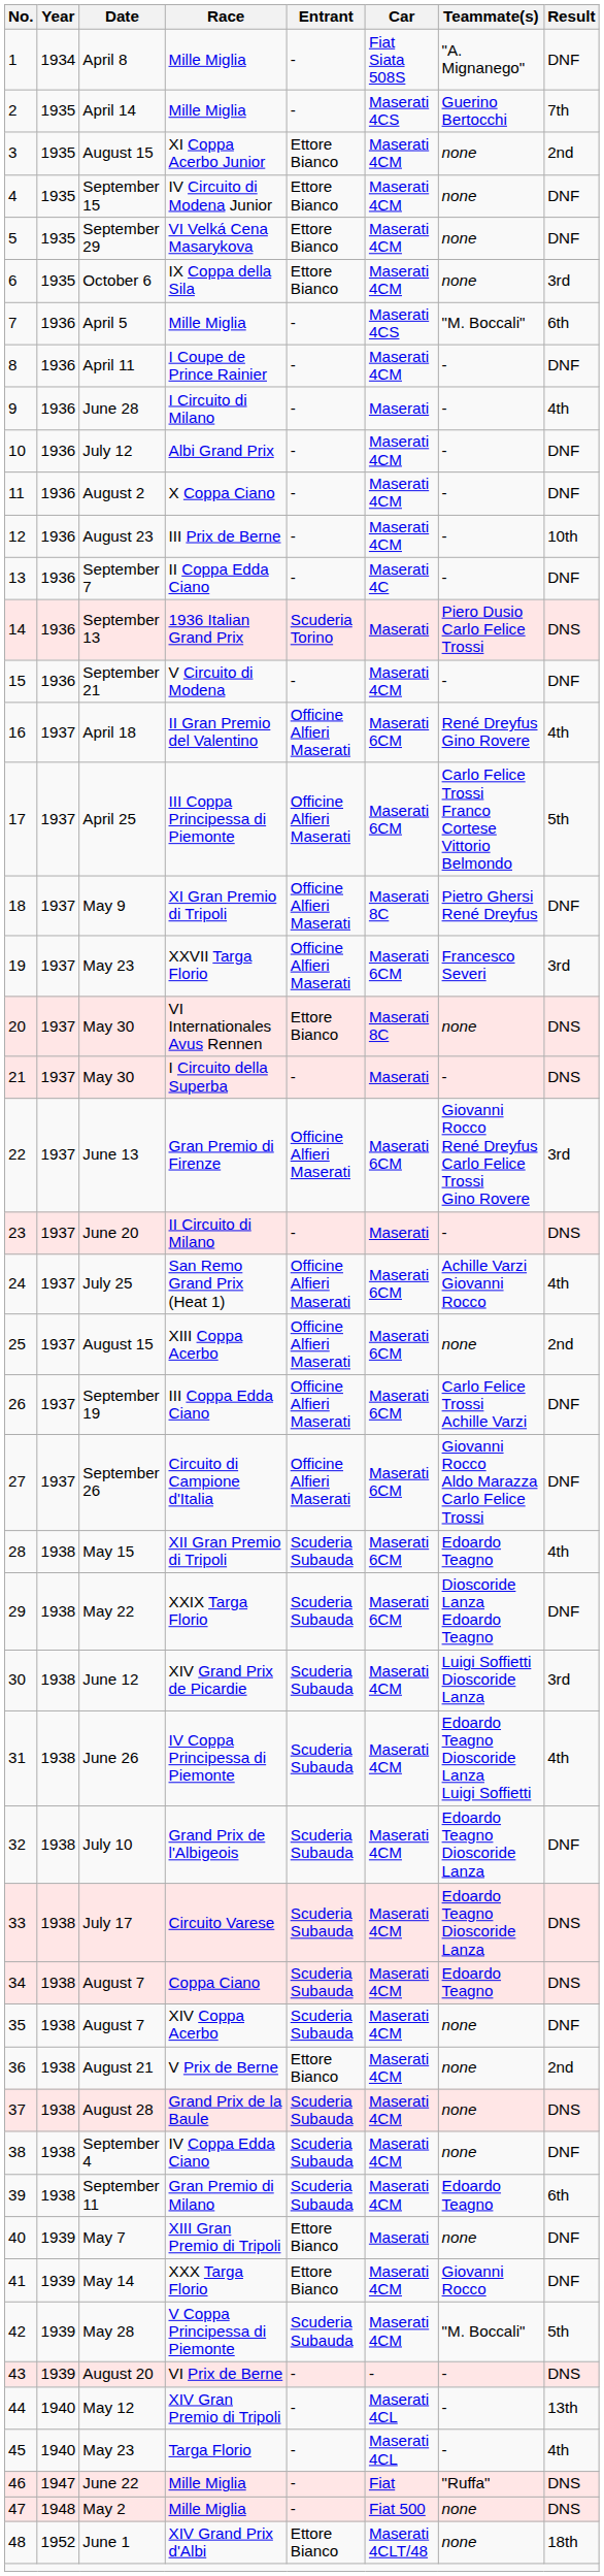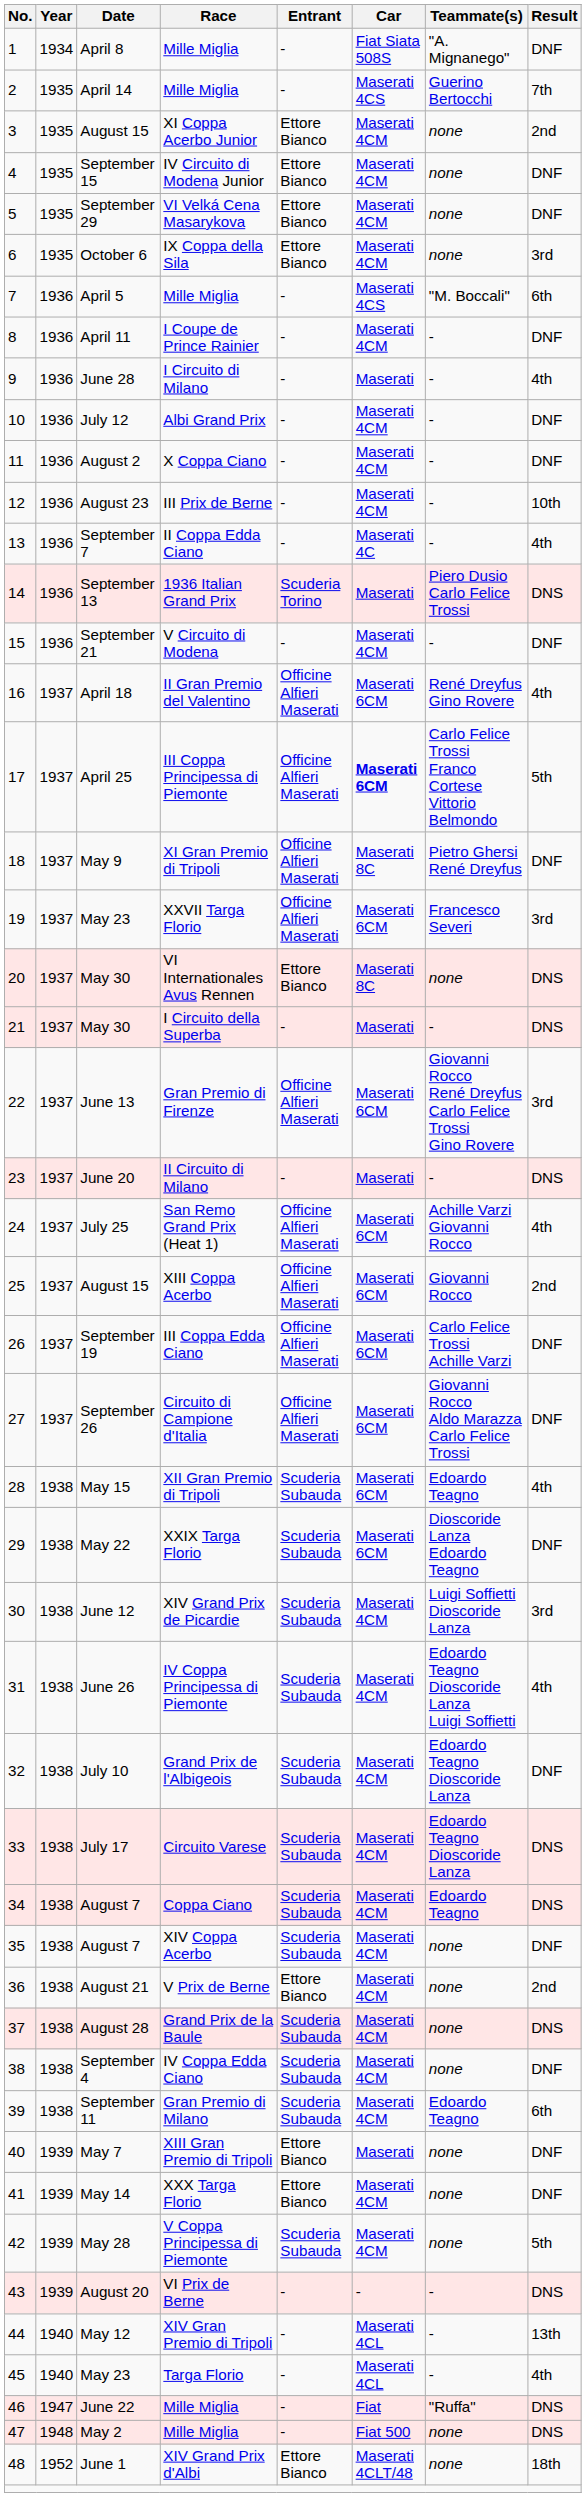 <table class="wikitable sortable">
 <tr>
 <th>No.</th>
 <th>Year</th>
 <th>Date</th>
 <th>Race</th>
 <th>Entrant</th>
 <th>Car</th>
 <th>Teammate(s)</th>
 <th>Result</th>
 </tr>
 <tr>
 <td>1</td>
 <td>1934</td>
 <td>April 8</td>
 <td><a href='#'>Mille Miglia</a></td>
 <td>-</td>
 <td><a href='#'>Fiat Siata 508S</a></td>
 <td>"A. Mignanego"</td>
 <td>DNF</td>
 </tr>
 <tr>
 <td>2</td>
 <td>1935</td>
 <td>April 14</td>
 <td><a href='#'>Mille Miglia</a></td>
 <td>-</td>
 <td><a href='#'>Maserati 4CS</a></td>
 <td><a href='#'>Guerino Bertocchi</a></td>
 <td>7th</td>
 </tr>
 <tr>
 <td>3</td>
 <td>1935</td>
 <td>August 15</td>
 <td>XI <a href='#'>Coppa Acerbo Junior</a></td>
 <td>Ettore Bianco</td>
 <td><a href='#'>Maserati 4CM</a></td>
 <td><em>none</em></td>
 <td>2nd</td>
 </tr>
 <tr>
 <td>4</td>
 <td>1935</td>
 <td>September 15</td>
 <td>IV <a href='#'>Circuito di Modena</a> Junior</td>
 <td>Ettore Bianco</td>
 <td><a href='#'>Maserati 4CM</a></td>
 <td><em>none</em></td>
 <td>DNF</td>
 </tr>
 <tr>
 <td>5</td>
 <td>1935</td>
 <td>September 29</td>
 <td><a href='#'>VI Velká Cena Masarykova</a></td>
 <td>Ettore Bianco</td>
 <td><a href='#'>Maserati 4CM</a></td>
 <td><em>none</em></td>
 <td>DNF</td>
 </tr>
 <tr>
 <td>6</td>
 <td>1935</td>
 <td>October 6</td>
 <td>IX <a href='#'>Coppa della Sila</a></td>
 <td>Ettore Bianco</td>
 <td><a href='#'>Maserati 4CM</a></td>
 <td><em>none</em></td>
 <td>3rd</td>
 </tr>
 <tr>
 <td>7</td>
 <td>1936</td>
 <td>April 5</td>
 <td><a href='#'>Mille Miglia</a></td>
 <td>-</td>
 <td><a href='#'>Maserati 4CS</a></td>
 <td>"M. Boccali"</td>
 <td>6th</td>
 </tr>
 <tr>
 <td>8</td>
 <td>1936</td>
 <td>April 11</td>
 <td><a href='#'>I Coupe de Prince Rainier</a></td>
 <td>-</td>
 <td><a href='#'>Maserati 4CM</a></td>
 <td>-</td>
 <td>DNF</td>
 </tr>
 <tr>
 <td>9</td>
 <td>1936</td>
 <td>June 28</td>
 <td><a href='#'>I Circuito di Milano</a></td>
 <td>-</td>
 <td><a href='#'>Maserati</a></td>
 <td>-</td>
 <td>4th</td>
 </tr>
 <tr>
 <td>10</td>
 <td>1936</td>
 <td>July 12</td>
 <td><a href='#'>Albi Grand Prix</a></td>
 <td>-</td>
 <td><a href='#'>Maserati 4CM</a></td>
 <td>-</td>
 <td>DNF</td>
 </tr>
 <tr>
 <td>11</td>
 <td>1936</td>
 <td>August 2</td>
 <td>X <a href='#'>Coppa Ciano</a></td>
 <td>-</td>
 <td><a href='#'>Maserati 4CM</a></td>
 <td>-</td>
 <td>DNF</td>
 </tr>
 <tr>
 <td>12</td>
 <td>1936</td>
 <td>August 23</td>
 <td>III <a href='#'>Prix de Berne</a></td>
 <td>-</td>
 <td><a href='#'>Maserati 4CM</a></td>
 <td>-</td>
 <td>10th</td>
 </tr>
 <tr>
 <td>13</td>
 <td>1936</td>
 <td>September 7</td>
 <td>II <a href='#'>Coppa Edda Ciano</a></td>
 <td>-</td>
 <td><a href='#'>Maserati 4C</a></td>
 <td>-</td>
-<td>DNF</td>
+<td>4th</td>
 </tr>
 <tr>
 <td style="background:#ffe6e6;">14</td>
 <td style="background:#ffe6e6;">1936</td>
 <td style="background:#ffe6e6;">September 13</td>
 <td style="background:#ffe6e6;"><a href='#'>1936 Italian Grand Prix</a></td>
 <td style="background:#ffe6e6;"><a href='#'>Scuderia Torino</a></td>
 <td style="background:#ffe6e6;"><a href='#'>Maserati</a></td>
 <td style="background:#ffe6e6;"><a href='#'>Piero Dusio</a><br><a href='#'>Carlo Felice Trossi</a></td>
 <td style="background:#ffe6e6;">DNS</td>
 </tr>
 <tr>
 <td>15</td>
 <td>1936</td>
 <td>September 21</td>
 <td>V <a href='#'>Circuito di Modena</a></td>
 <td>-</td>
 <td><a href='#'>Maserati 4CM</a></td>
 <td>-</td>
 <td>DNF</td>
 </tr>
 <tr>
 <td>16</td>
 <td>1937</td>
 <td>April 18</td>
 <td><a href='#'>II Gran Premio del Valentino</a></td>
 <td><a href='#'>Officine Alfieri Maserati</a></td>
 <td><a href='#'>Maserati 6CM</a></td>
 <td><a href='#'>René Dreyfus</a><br><a href='#'>Gino Rovere</a></td>
 <td>4th</td>
 </tr>
 <tr>
 <td>17</td>
 <td>1937</td>
 <td>April 25</td>
 <td><a href='#'>III Coppa Principessa di Piemonte</a></td>
 <td><a href='#'>Officine Alfieri Maserati</a></td>
-<td><a href='#'>Maserati 6CM</a></td>
+<td><strong><a href='#'>Maserati 6CM</a></strong></td>
 <td><a href='#'>Carlo Felice Trossi</a><br><a href='#'>Franco Cortese</a><br><a href='#'>Vittorio Belmondo</a></td>
 <td>5th</td>
 </tr>
 <tr>
 <td>18</td>
 <td>1937</td>
 <td>May 9</td>
 <td><a href='#'>XI Gran Premio di Tripoli</a></td>
 <td><a href='#'>Officine Alfieri Maserati</a></td>
 <td><a href='#'>Maserati 8C</a></td>
 <td><a href='#'>Pietro Ghersi</a><br><a href='#'>René Dreyfus</a></td>
 <td>DNF</td>
 </tr>
 <tr>
 <td>19</td>
 <td>1937</td>
 <td>May 23</td>
 <td>XXVII <a href='#'>Targa Florio</a></td>
 <td><a href='#'>Officine Alfieri Maserati</a></td>
 <td><a href='#'>Maserati 6CM</a></td>
 <td><a href='#'>Francesco Severi</a></td>
 <td>3rd</td>
 </tr>
 <tr>
 <td style="background:#ffe6e6;">20</td>
 <td style="background:#ffe6e6;">1937</td>
 <td style="background:#ffe6e6;">May 30</td>
 <td style="background:#ffe6e6;">VI Internationales <a href='#'>Avus</a> Rennen</td>
 <td style="background:#ffe6e6;">Ettore Bianco</td>
 <td style="background:#ffe6e6;"><a href='#'>Maserati 8C</a></td>
 <td style="background:#ffe6e6;"><em>none</em></td>
 <td style="background:#ffe6e6;">DNS</td>
 </tr>
 <tr>
 <td style="background:#ffe6e6;">21</td>
 <td style="background:#ffe6e6;">1937</td>
 <td style="background:#ffe6e6;">May 30</td>
 <td style="background:#ffe6e6;">I <a href='#'>Circuito della Superba</a></td>
 <td style="background:#ffe6e6;">-</td>
 <td style="background:#ffe6e6;"><a href='#'>Maserati</a></td>
 <td style="background:#ffe6e6;">-</td>
 <td style="background:#ffe6e6;">DNS</td>
 </tr>
 <tr>
 <td>22</td>
 <td>1937</td>
 <td>June 13</td>
 <td><a href='#'>Gran Premio di Firenze</a></td>
 <td><a href='#'>Officine Alfieri Maserati</a></td>
 <td><a href='#'>Maserati 6CM</a></td>
 <td><a href='#'>Giovanni Rocco</a><br><a href='#'>René Dreyfus</a><br><a href='#'>Carlo Felice Trossi</a><br><a href='#'>Gino Rovere</a></td>
 <td>3rd</td>
 </tr>
 <tr>
 <td style="background:#ffe6e6;">23</td>
 <td style="background:#ffe6e6;">1937</td>
 <td style="background:#ffe6e6;">June 20</td>
 <td style="background:#ffe6e6;"><a href='#'>II Circuito di Milano</a></td>
 <td style="background:#ffe6e6;">-</td>
 <td style="background:#ffe6e6;"><a href='#'>Maserati</a></td>
 <td style="background:#ffe6e6;">-</td>
 <td style="background:#ffe6e6;">DNS</td>
 </tr>
 <tr>
 <td>24</td>
 <td>1937</td>
 <td>July 25</td>
 <td><a href='#'>San Remo Grand Prix</a> (Heat 1)</td>
 <td><a href='#'>Officine Alfieri Maserati</a></td>
 <td><a href='#'>Maserati 6CM</a></td>
 <td><a href='#'>Achille Varzi</a><br><a href='#'>Giovanni Rocco</a></td>
 <td>4th</td>
 </tr>
 <tr>
 <td>25</td>
 <td>1937</td>
 <td>August 15</td>
 <td>XIII <a href='#'>Coppa Acerbo</a></td>
 <td><a href='#'>Officine Alfieri Maserati</a></td>
 <td><a href='#'>Maserati 6CM</a></td>
-<td><em>none</em></td>
+<td><a href='#'>Giovanni Rocco</a></td>
 <td>2nd</td>
 </tr>
 <tr>
 <td>26</td>
 <td>1937</td>
 <td>September 19</td>
 <td>III <a href='#'>Coppa Edda Ciano</a></td>
 <td><a href='#'>Officine Alfieri Maserati</a></td>
 <td><a href='#'>Maserati 6CM</a></td>
 <td><a href='#'>Carlo Felice Trossi</a><br><a href='#'>Achille Varzi</a></td>
 <td>DNF</td>
 </tr>
 <tr>
 <td>27</td>
 <td>1937</td>
 <td>September 26</td>
 <td><a href='#'>Circuito di Campione d'Italia</a></td>
 <td><a href='#'>Officine Alfieri Maserati</a></td>
 <td><a href='#'>Maserati 6CM</a></td>
 <td><a href='#'>Giovanni Rocco</a><br><a href='#'>Aldo Marazza</a><br><a href='#'>Carlo Felice Trossi</a></td>
 <td>DNF</td>
 </tr>
 <tr>
 <td>28</td>
 <td>1938</td>
 <td>May 15</td>
 <td><a href='#'>XII Gran Premio di Tripoli</a></td>
 <td><a href='#'>Scuderia Subauda</a></td>
 <td><a href='#'>Maserati 6CM</a></td>
 <td><a href='#'>Edoardo Teagno</a></td>
 <td>4th</td>
 </tr>
 <tr>
 <td>29</td>
 <td>1938</td>
 <td>May 22</td>
 <td>XXIX <a href='#'>Targa Florio</a></td>
 <td><a href='#'>Scuderia Subauda</a></td>
 <td><a href='#'>Maserati 6CM</a></td>
 <td><a href='#'>Dioscoride Lanza</a><br><a href='#'>Edoardo Teagno</a></td>
 <td>DNF</td>
 </tr>
 <tr>
 <td>30</td>
 <td>1938</td>
 <td>June 12</td>
 <td>XIV <a href='#'>Grand Prix de Picardie</a></td>
 <td><a href='#'>Scuderia Subauda</a></td>
 <td><a href='#'>Maserati 4CM</a></td>
 <td><a href='#'>Luigi Soffietti</a><br><a href='#'>Dioscoride Lanza</a></td>
 <td>3rd</td>
 </tr>
 <tr>
 <td>31</td>
 <td>1938</td>
 <td>June 26</td>
 <td><a href='#'>IV Coppa Principessa di Piemonte</a></td>
 <td><a href='#'>Scuderia Subauda</a></td>
 <td><a href='#'>Maserati 4CM</a></td>
 <td><a href='#'>Edoardo Teagno</a><br><a href='#'>Dioscoride Lanza</a><br><a href='#'>Luigi Soffietti</a></td>
 <td>4th</td>
 </tr>
 <tr>
 <td>32</td>
 <td>1938</td>
 <td>July 10</td>
 <td><a href='#'>Grand Prix de l'Albigeois</a></td>
 <td><a href='#'>Scuderia Subauda</a></td>
 <td><a href='#'>Maserati 4CM</a></td>
 <td><a href='#'>Edoardo Teagno</a><br><a href='#'>Dioscoride Lanza</a></td>
 <td>DNF</td>
 </tr>
 <tr>
 <td style="background:#ffe6e6;">33</td>
 <td style="background:#ffe6e6;">1938</td>
 <td style="background:#ffe6e6;">July 17</td>
 <td style="background:#ffe6e6;"><a href='#'>Circuito Varese</a></td>
 <td style="background:#ffe6e6;"><a href='#'>Scuderia Subauda</a></td>
 <td style="background:#ffe6e6;"><a href='#'>Maserati 4CM</a></td>
 <td style="background:#ffe6e6;"><a href='#'>Edoardo Teagno</a><br><a href='#'>Dioscoride Lanza</a></td>
 <td style="background:#ffe6e6;">DNS</td>
 </tr>
 <tr>
 <td style="background:#ffe6e6;">34</td>
 <td style="background:#ffe6e6;">1938</td>
 <td style="background:#ffe6e6;">August 7</td>
 <td style="background:#ffe6e6;"><a href='#'>Coppa Ciano</a></td>
 <td style="background:#ffe6e6;"><a href='#'>Scuderia Subauda</a></td>
 <td style="background:#ffe6e6;"><a href='#'>Maserati 4CM</a></td>
 <td style="background:#ffe6e6;"><a href='#'>Edoardo Teagno</a></td>
 <td style="background:#ffe6e6;">DNS</td>
 </tr>
 <tr>
 <td>35</td>
 <td>1938</td>
 <td>August 7</td>
 <td>XIV <a href='#'>Coppa Acerbo</a></td>
 <td><a href='#'>Scuderia Subauda</a></td>
 <td><a href='#'>Maserati 4CM</a></td>
 <td><em>none</em></td>
 <td>DNF</td>
 </tr>
 <tr>
 <td>36</td>
 <td>1938</td>
 <td>August 21</td>
 <td>V <a href='#'>Prix de Berne</a></td>
 <td>Ettore Bianco</td>
 <td><a href='#'>Maserati 4CM</a></td>
 <td><em>none</em></td>
 <td>2nd</td>
 </tr>
 <tr>
 <td style="background:#ffe6e6;">37</td>
 <td style="background:#ffe6e6;">1938</td>
 <td style="background:#ffe6e6;">August 28</td>
 <td style="background:#ffe6e6;"><a href='#'>Grand Prix de la Baule</a></td>
 <td style="background:#ffe6e6;"><a href='#'>Scuderia Subauda</a></td>
 <td style="background:#ffe6e6;"><a href='#'>Maserati 4CM</a></td>
 <td style="background:#ffe6e6;"><em>none</em></td>
 <td style="background:#ffe6e6;">DNS</td>
 </tr>
 <tr>
 <td>38</td>
 <td>1938</td>
 <td>September 4</td>
 <td>IV <a href='#'>Coppa Edda Ciano</a></td>
 <td><a href='#'>Scuderia Subauda</a></td>
 <td><a href='#'>Maserati 4CM</a></td>
 <td><em>none</em></td>
 <td>DNF</td>
 </tr>
 <tr>
 <td>39</td>
 <td>1938</td>
 <td>September 11</td>
 <td><a href='#'>Gran Premio di Milano</a></td>
 <td><a href='#'>Scuderia Subauda</a></td>
 <td><a href='#'>Maserati 4CM</a></td>
 <td><a href='#'>Edoardo Teagno</a></td>
 <td>6th</td>
 </tr>
 <tr>
 <td>40</td>
 <td>1939</td>
 <td>May 7</td>
 <td><a href='#'>XIII Gran Premio di Tripoli</a></td>
 <td>Ettore Bianco</td>
 <td><a href='#'>Maserati</a></td>
 <td><em>none</em></td>
 <td>DNF</td>
 </tr>
 <tr>
 <td>41</td>
 <td>1939</td>
 <td>May 14</td>
 <td>XXX <a href='#'>Targa Florio</a></td>
 <td>Ettore Bianco</td>
 <td><a href='#'>Maserati 4CM</a></td>
-<td><a href='#'>Giovanni Rocco</a></td>
+<td><em>none</em></td>
 <td>DNF</td>
 </tr>
 <tr>
 <td>42</td>
 <td>1939</td>
 <td>May 28</td>
 <td><a href='#'>V Coppa Principessa di Piemonte</a></td>
 <td><a href='#'>Scuderia Subauda</a></td>
 <td><a href='#'>Maserati 4CM</a></td>
-<td>"M. Boccali"</td>
+<td><em>none</em></td>
 <td>5th</td>
 </tr>
 <tr>
 <td style="background:#ffe6e6;">43</td>
 <td style="background:#ffe6e6;">1939</td>
 <td style="background:#ffe6e6;">August 20</td>
 <td style="background:#ffe6e6;">VI <a href='#'>Prix de Berne</a></td>
 <td style="background:#ffe6e6;">-</td>
 <td style="background:#ffe6e6;">-</td>
 <td style="background:#ffe6e6;">-</td>
 <td style="background:#ffe6e6;">DNS</td>
 </tr>
 <tr>
 <td>44</td>
 <td>1940</td>
 <td>May 12</td>
 <td><a href='#'>XIV Gran Premio di Tripoli</a></td>
 <td>-</td>
 <td><a href='#'>Maserati 4CL</a></td>
 <td>-</td>
 <td>13th</td>
 </tr>
 <tr>
 <td>45</td>
 <td>1940</td>
 <td>May 23</td>
 <td><a href='#'>Targa Florio</a></td>
 <td>-</td>
 <td><a href='#'>Maserati 4CL</a></td>
 <td>-</td>
 <td>4th</td>
 </tr>
 <tr>
 <td style="background:#ffe6e6;">46</td>
 <td style="background:#ffe6e6;">1947</td>
 <td style="background:#ffe6e6;">June 22</td>
 <td style="background:#ffe6e6;"><a href='#'>Mille Miglia</a></td>
 <td style="background:#ffe6e6;">-</td>
 <td style="background:#ffe6e6;"><a href='#'>Fiat</a></td>
 <td style="background:#ffe6e6;">"Ruffa"</td>
 <td style="background:#ffe6e6;">DNS</td>
 </tr>
 <tr>
 <td style="background:#ffe6e6;">47</td>
 <td style="background:#ffe6e6;">1948</td>
 <td style="background:#ffe6e6;">May 2</td>
 <td style="background:#ffe6e6;"><a href='#'>Mille Miglia</a></td>
 <td style="background:#ffe6e6;">-</td>
 <td style="background:#ffe6e6;"><a href='#'>Fiat 500</a></td>
 <td style="background:#ffe6e6;"><em>none</em></td>
 <td style="background:#ffe6e6;">DNS</td>
 </tr>
 <tr>
 <td>48</td>
 <td>1952</td>
 <td>June 1</td>
 <td><a href='#'>XIV Grand Prix d'Albi</a></td>
 <td>Ettore Bianco</td>
 <td><a href='#'>Maserati 4CLT/48</a></td>
 <td><em>none</em></td>
 <td>18th</td>
 </tr>
 <tr>
 <td colspan="8"></td>
 </tr>
 </table>
